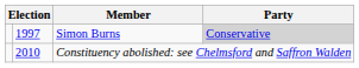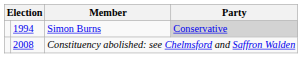 <table class="wikitable">
 <tr>
 <th colspan="2">Election</th>
 <th>Member</th>
 <th>Party</th>
 </tr>
 <tr>
 <td style="color:inherit;background-color: "></td>
-<td><a href='#'>1997</a></td>
+<td><a href='#'>1994</a></td>
 <td><a href='#'>Simon Burns</a></td>
 <td style="background: lightgrey;"><a href='#'>Conservative</a></td>
 </tr>
 <tr>
 <td></td>
-<td><a href='#'>2010</a></td>
+<td><a href='#'>2008</a></td>
 <td colspan="2"><em>Constituency abolished: see <a href='#'>Chelmsford</a> and <a href='#'>Saffron Walden</a></em></td>
 </tr>
 </table>
